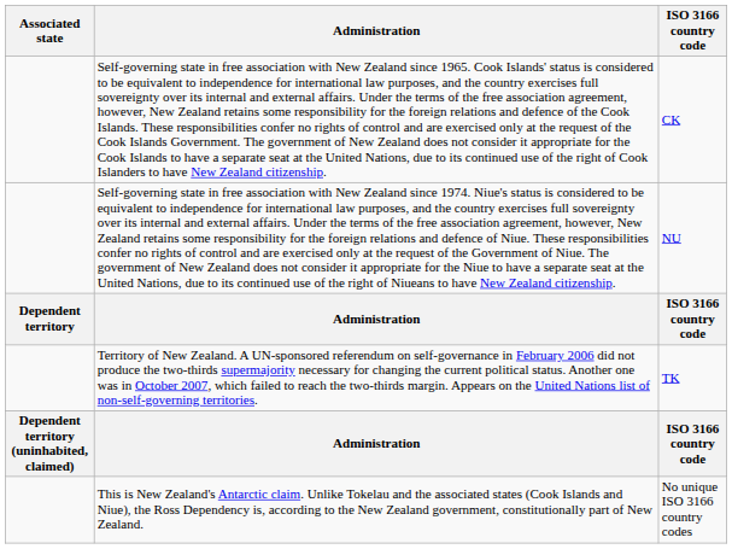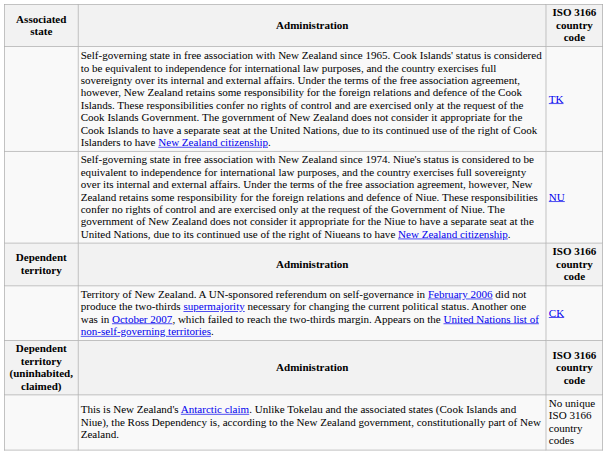 <table class="wikitable sortable">
 <tr>
 <th>Associated state</th>
 <th>Administration</th>
 <th>ISO 3166 country code</th>
 </tr>
 <tr>
 <td></td>
 <td>Self-governing state in free association with New Zealand since 1965. Cook Islands' status is considered to be equivalent to independence for international law purposes, and the country exercises full sovereignty over its internal and external affairs. Under the terms of the free association agreement, however, New Zealand retains some responsibility for the foreign relations and defence of the Cook Islands. These responsibilities confer no rights of control and are exercised only at the request of the Cook Islands Government. The government of New Zealand does not consider it appropriate for the Cook Islands to have a separate seat at the United Nations, due to its continued use of the right of Cook Islanders to have <a href='#'>New Zealand citizenship</a>.</td>
-<td><a href='#'>CK</a></td>
+<td><a href='#'>TK</a></td>
 </tr>
 <tr>
 <td></td>
 <td>Self-governing state in free association with New Zealand since 1974. Niue's status is considered to be equivalent to independence for international law purposes, and the country exercises full sovereignty over its internal and external affairs. Under the terms of the free association agreement, however, New Zealand retains some responsibility for the foreign relations and defence of Niue. These responsibilities confer no rights of control and are exercised only at the request of the Government of Niue. The government of New Zealand does not consider it appropriate for the Niue to have a separate seat at the United Nations, due to its continued use of the right of Niueans to have <a href='#'>New Zealand citizenship</a>.</td>
 <td><a href='#'>NU</a></td>
 </tr>
 <tr>
 <th>Dependent territory</th>
 <th>Administration</th>
 <th>ISO 3166 country code</th>
 </tr>
 <tr>
 <td></td>
 <td>Territory of New Zealand. A UN-sponsored referendum on self-governance in <a href='#'>February 2006</a> did not produce the two-thirds <a href='#'>supermajority</a> necessary for changing the current political status. Another one was in <a href='#'>October 2007</a>, which failed to reach the two-thirds margin. Appears on the <a href='#'>United Nations list of non-self-governing territories</a>.</td>
-<td><a href='#'>TK</a></td>
+<td><a href='#'>CK</a></td>
 </tr>
 <tr>
 <th>Dependent territory<br>(uninhabited, claimed)</th>
 <th>Administration</th>
 <th>ISO 3166 country code</th>
 </tr>
 <tr>
 <td><em></em></td>
 <td>This is New Zealand's <a href='#'>Antarctic claim</a>. Unlike Tokelau and the associated states (Cook Islands and Niue), the Ross Dependency is, according to the New Zealand government, constitutionally part of New Zealand.</td>
 <td>No unique ISO 3166 country codes</td>
 </tr>
 </table>
